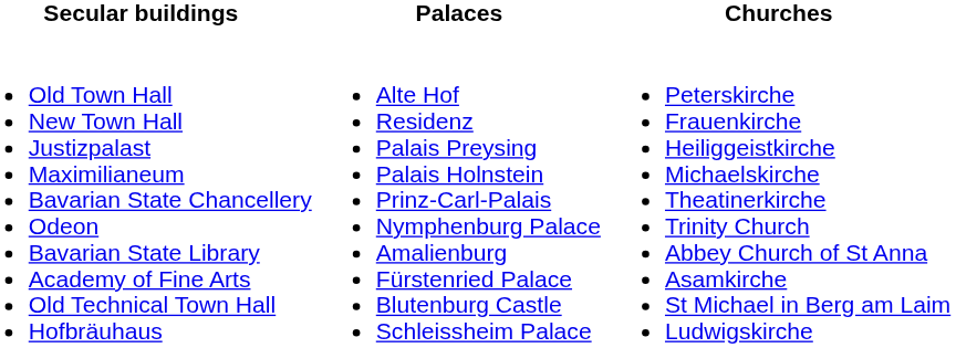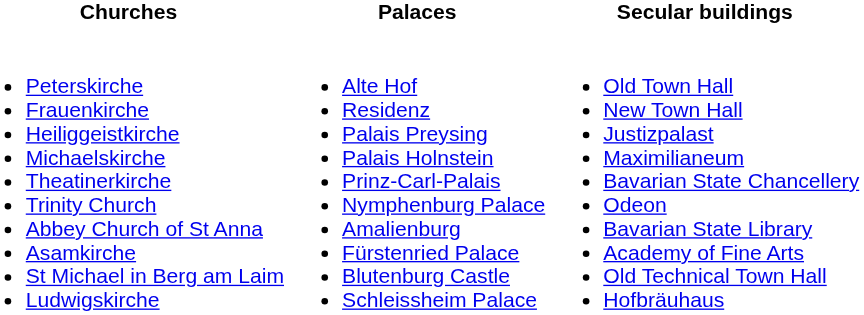 <table border="0">
 <tr class="hintergrundfarbe5">
+<th>Churches</th>
+<th>Palaces</th>
 <th>Secular buildings</th>
-<th>Palaces</th>
-<th>Churches</th>
 </tr>
 <tr valign="top">
+<td><br><ul><li><a href='#'>Peterskirche</a></li><li><a href='#'>Frauenkirche</a></li><li><a href='#'>Heiliggeistkirche</a></li><li><a href='#'>Michaelskirche</a></li><li><a href='#'>Theatinerkirche</a></li><li><a href='#'>Trinity Church</a></li><li><a href='#'>Abbey Church of St Anna</a></li><li><a href='#'>Asamkirche</a></li><li><a href='#'>St Michael in Berg am Laim</a></li><li><a href='#'>Ludwigskirche</a></li></ul></td>
+<td><br><ul><li><a href='#'>Alte Hof</a></li><li><a href='#'>Residenz</a></li><li><a href='#'>Palais Preysing</a></li><li><a href='#'>Palais Holnstein</a></li><li><a href='#'>Prinz-Carl-Palais</a></li><li><a href='#'>Nymphenburg Palace</a></li><li><a href='#'>Amalienburg</a></li><li><a href='#'>Fürstenried Palace</a></li><li><a href='#'>Blutenburg Castle</a></li><li><a href='#'>Schleissheim Palace</a></li></ul></td>
 <td><br><ul><li><a href='#'>Old Town Hall</a></li><li><a href='#'>New Town Hall</a></li><li><a href='#'>Justizpalast</a></li><li><a href='#'>Maximilianeum</a></li><li><a href='#'>Bavarian State Chancellery</a></li><li><a href='#'>Odeon</a></li><li><a href='#'>Bavarian State Library</a></li><li><a href='#'>Academy of Fine Arts</a></li><li><a href='#'>Old Technical Town Hall</a></li><li><a href='#'>Hofbräuhaus</a></li></ul></td>
-<td><br><ul><li><a href='#'>Alte Hof</a></li><li><a href='#'>Residenz</a></li><li><a href='#'>Palais Preysing</a></li><li><a href='#'>Palais Holnstein</a></li><li><a href='#'>Prinz-Carl-Palais</a></li><li><a href='#'>Nymphenburg Palace</a></li><li><a href='#'>Amalienburg</a></li><li><a href='#'>Fürstenried Palace</a></li><li><a href='#'>Blutenburg Castle</a></li><li><a href='#'>Schleissheim Palace</a></li></ul></td>
-<td><br><ul><li><a href='#'>Peterskirche</a></li><li><a href='#'>Frauenkirche</a></li><li><a href='#'>Heiliggeistkirche</a></li><li><a href='#'>Michaelskirche</a></li><li><a href='#'>Theatinerkirche</a></li><li><a href='#'>Trinity Church</a></li><li><a href='#'>Abbey Church of St Anna</a></li><li><a href='#'>Asamkirche</a></li><li><a href='#'>St Michael in Berg am Laim</a></li><li><a href='#'>Ludwigskirche</a></li></ul></td>
 </tr>
 </table>
